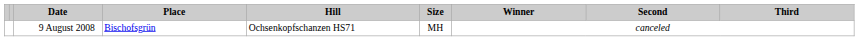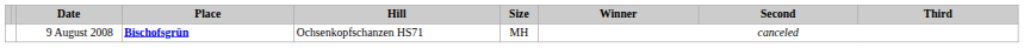 <table class="wikitable plainrowheaders" style="background:#fff; font-size:86%; line-height:16px; border:grey solid 1px; border-collapse:collapse;">
 <tr style="background:#ccc; text-align:center;">
 <th scope="col" style="background:#ccc; width=20 px;"></th>
 <th scope="col" style="background:#ccc; width=30 px;"></th>
 <th scope="col" style="background:#ccc; width:120px;">Date</th>
 <th scope="col" style="background:#ccc; width:200px;">Place</th>
 <th scope="col" style="background:#ccc; width:240px;">Hill</th>
 <th scope="col" style="background:#ccc; width:40px;">Size</th>
 <th scope="col" style="background:#ccc; width:185px;">Winner</th>
 <th scope="col" style="background:#ccc; width:185px;">Second</th>
 <th scope="col" style="background:#ccc; width:185px;">Third</th>
 </tr>
 <tr>
 <td colspan=2></td>
 <td align=right>9 August 2008  </td>
-<td> <a href='#'>Bischofsgrün</a></td>
+<td><strong> <a href='#'>Bischofsgrün</a></strong></td>
 <td>Ochsenkopfschanzen HS71</td>
 <td align=center>MH</td>
 <td align=center colspan=3><em>canceled</em></td>
 </tr>
 </table>
